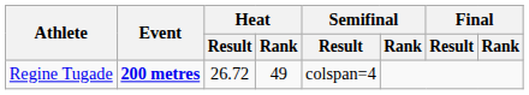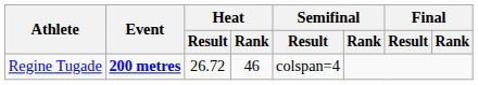 <table class=wikitable style=font-size:90%>
 <tr>
 <th rowspan=2>Athlete</th>
 <th rowspan=2>Event</th>
 <th colspan=2>Heat</th>
 <th colspan=2>Semifinal</th>
 <th colspan=2>Final</th>
 </tr>
 <tr style=font-size:95%>
 <th>Result</th>
 <th>Rank</th>
 <th>Result</th>
 <th>Rank</th>
 <th>Result</th>
 <th>Rank</th>
 </tr>
 <tr align=center>
 <td align=left><a href='#'>Regine Tugade</a></td>
 <td align=left><strong><a href='#'>200 metres</a></strong></td>
 <td>26.72</td>
-<td>49</td>
+<td>46</td>
 <td>colspan=4 </td>
 </tr>
 </table>
